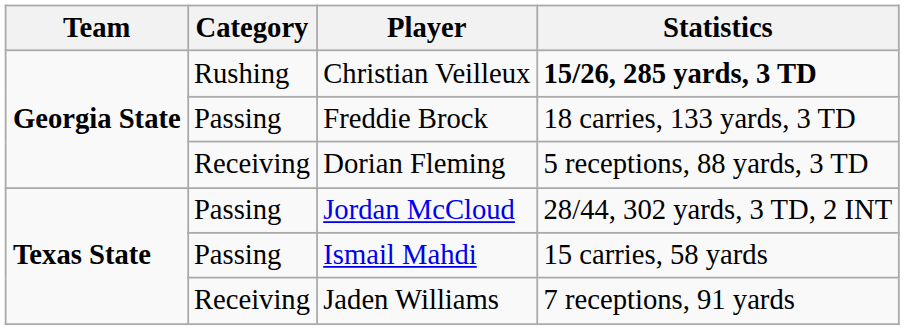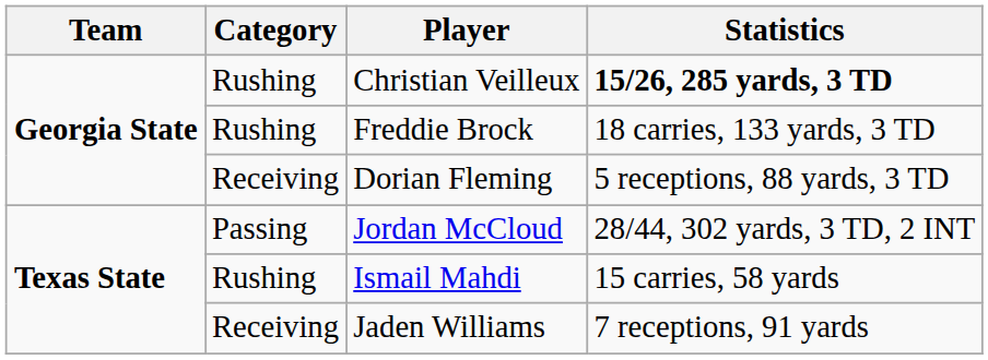 <table class="wikitable" style="float: right;">
 <tr>
 <th>Team</th>
 <th>Category</th>
 <th>Player</th>
 <th>Statistics</th>
 </tr>
 <tr>
 <td rowspan=3><strong>Georgia State</strong></td>
 <td>Rushing</td>
 <td>Christian Veilleux</td>
 <td><strong>15/26, 285 yards, 3 TD</strong></td>
 </tr>
 <tr>
-<td>Passing</td>
+<td>Rushing</td>
 <td>Freddie Brock</td>
 <td>18 carries, 133 yards, 3 TD</td>
 </tr>
 <tr>
 <td>Receiving</td>
 <td>Dorian Fleming</td>
 <td>5 receptions, 88 yards, 3 TD</td>
 </tr>
 <tr>
 <td rowspan=3><strong>Texas State</strong></td>
 <td>Passing</td>
 <td><a href='#'>Jordan McCloud</a></td>
 <td>28/44, 302 yards, 3 TD, 2 INT</td>
 </tr>
 <tr>
-<td>Passing</td>
+<td>Rushing</td>
 <td><a href='#'>Ismail Mahdi</a></td>
 <td>15 carries, 58 yards</td>
 </tr>
 <tr>
 <td>Receiving</td>
 <td>Jaden Williams</td>
 <td>7 receptions, 91 yards</td>
 </tr>
 </table>
